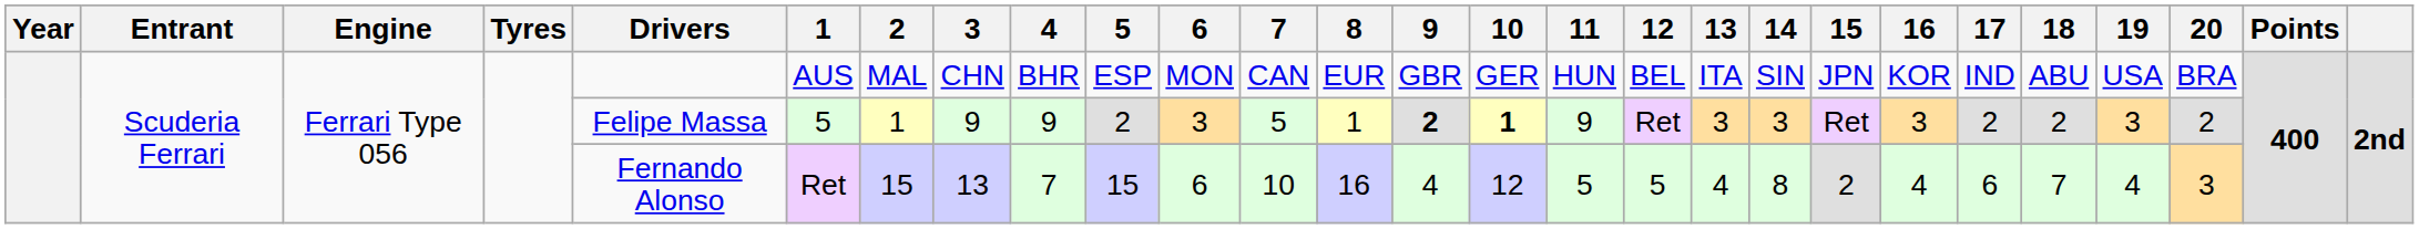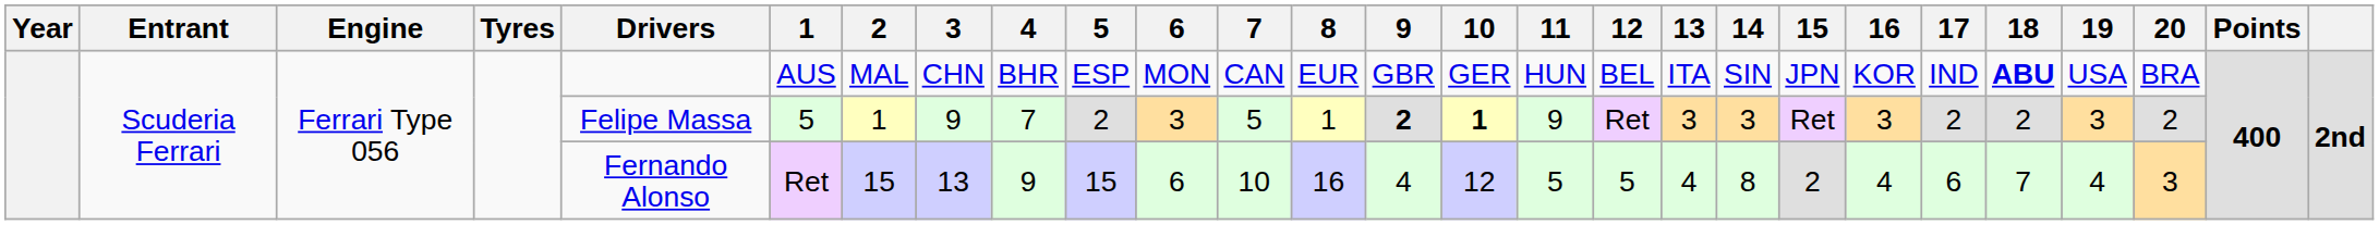 <table class="wikitable" style="text-align:center; font-size:95%">
 <tr>
 <th>Year</th>
 <th>Entrant</th>
 <th>Engine</th>
 <th>Tyres</th>
 <th>Drivers</th>
 <th>1</th>
 <th>2</th>
 <th>3</th>
 <th>4</th>
 <th>5</th>
 <th>6</th>
 <th>7</th>
 <th>8</th>
 <th>9</th>
 <th>10</th>
 <th>11</th>
 <th>12</th>
 <th>13</th>
 <th>14</th>
 <th>15</th>
 <th>16</th>
 <th>17</th>
 <th>18</th>
 <th>19</th>
 <th>20</th>
 <th>Points</th>
 <th></th>
 </tr>
 <tr>
 <th rowspan=3></th>
 <td rowspan=3><a href='#'>Scuderia Ferrari</a></td>
 <td rowspan=3><a href='#'>Ferrari</a> Type 056</td>
 <td rowspan=3></td>
 <td></td>
 <td><a href='#'>AUS</a></td>
 <td><a href='#'>MAL</a></td>
 <td><a href='#'>CHN</a></td>
 <td><a href='#'>BHR</a></td>
 <td><a href='#'>ESP</a></td>
 <td><a href='#'>MON</a></td>
 <td><a href='#'>CAN</a></td>
 <td><a href='#'>EUR</a></td>
 <td><a href='#'>GBR</a></td>
 <td><a href='#'>GER</a></td>
 <td><a href='#'>HUN</a></td>
 <td><a href='#'>BEL</a></td>
 <td><a href='#'>ITA</a></td>
 <td><a href='#'>SIN</a></td>
 <td><a href='#'>JPN</a></td>
 <td><a href='#'>KOR</a></td>
 <td><a href='#'>IND</a></td>
-<td><a href='#'>ABU</a></td>
+<td><strong><a href='#'>ABU</a></strong></td>
 <td><a href='#'>USA</a></td>
 <td><a href='#'>BRA</a></td>
 <td rowspan="3" style="background-color:#dfdfdf"><strong>400</strong></td>
 <td rowspan="3" style="background-color:#dfdfdf"><strong>2nd</strong></td>
 </tr>
 <tr>
 <td><a href='#'>Felipe Massa</a></td>
 <td style="background-color:#dfffdf">5</td>
 <td style="background-color:#ffffbf">1</td>
 <td style="background-color:#dfffdf">9</td>
-<td style="background-color:#dfffdf">9</td>
+<td style="background-color:#dfffdf">7</td>
 <td style="background-color:#dfdfdf">2</td>
 <td style="background-color:#ffdf9f">3</td>
 <td style="background-color:#dfffdf">5</td>
 <td style="background-color:#ffffbf">1</td>
 <td style="background-color:#dfdfdf"><strong>2</strong></td>
 <td style="background-color:#ffffbf"><strong>1</strong></td>
 <td style="background-color:#dfffdf">9</td>
 <td style="background-color:#efcfff">Ret</td>
 <td style="background-color:#ffdf9f">3</td>
 <td style="background-color:#ffdf9f">3</td>
 <td style="background-color:#efcfff">Ret</td>
 <td style="background-color:#ffdf9f">3</td>
 <td style="background-color:#dfdfdf">2</td>
 <td style="background-color:#dfdfdf">2</td>
 <td style="background-color:#ffdf9f">3</td>
 <td style="background-color:#dfdfdf">2</td>
 </tr>
 <tr>
 <td><a href='#'>Fernando Alonso</a></td>
 <td style="background-color:#efcfff">Ret</td>
 <td style="background-color:#cfcfff">15</td>
 <td style="background-color:#cfcfff">13</td>
-<td style="background-color:#dfffdf">7</td>
+<td style="background-color:#dfffdf">9</td>
 <td style="background-color:#cfcfff">15</td>
 <td style="background-color:#dfffdf">6</td>
 <td style="background-color:#dfffdf">10</td>
 <td style="background-color:#cfcfff">16</td>
 <td style="background-color:#dfffdf">4</td>
 <td style="background-color:#cfcfff">12</td>
 <td style="background-color:#dfffdf">5</td>
 <td style="background-color:#dfffdf">5</td>
 <td style="background-color:#dfffdf">4</td>
 <td style="background-color:#dfffdf">8</td>
 <td style="background-color:#dfdfdf">2</td>
 <td style="background-color:#dfffdf">4</td>
 <td style="background-color:#dfffdf">6</td>
 <td style="background-color:#dfffdf">7</td>
 <td style="background-color:#dfffdf">4</td>
 <td style="background-color:#ffdf9f">3</td>
 </tr>
 </table>
